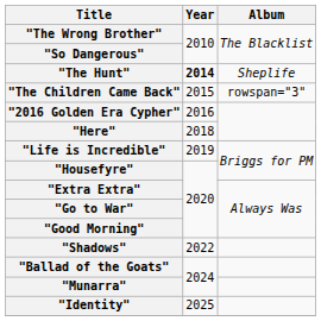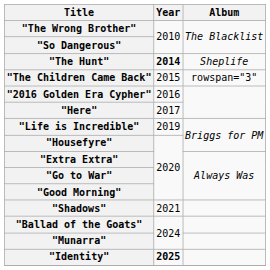 <table class="wikitable plainrowheaders" style="text-align:center">
 <tr>
 <th>Title</th>
 <th>Year</th>
 <th>Album</th>
 </tr>
 <tr>
 <th scope="row">"The Wrong Brother"</th>
 <td rowspan="2">2010</td>
 <td rowspan="2"><em>The Blacklist</em></td>
 </tr>
 <tr>
 <th scope="row">"So Dangerous"<br></th>
 </tr>
 <tr>
 <th scope="row">"The Hunt"<br></th>
 <td><strong>2014</strong></td>
 <td><em>Sheplife</em></td>
 </tr>
 <tr>
 <th scope="row">"The Children Came Back"<br></th>
 <td>2015</td>
 <td>rowspan="3" </td>
 </tr>
 <tr>
 <th scope="row">"2016 Golden Era Cypher"<br></th>
 <td>2016</td>
 </tr>
 <tr>
 <th scope="row">"Here"<br></th>
-<td>2018</td>
+<td>2017</td>
 </tr>
 <tr>
 <th scope="row">"Life is Incredible"<br></th>
 <td>2019</td>
 <td rowspan="2"><em>Briggs for PM</em></td>
 </tr>
 <tr>
 <th scope="row">"Housefyre"<br></th>
 <td rowspan="4">2020</td>
 </tr>
 <tr>
 <th scope="row">"Extra Extra"</th>
 <td rowspan="3"><em>Always Was</em></td>
 </tr>
 <tr>
 <th scope="row">"Go to War"<br></th>
 </tr>
 <tr>
 <th scope="row">"Good Morning"<br></th>
 </tr>
 <tr>
 <th scope="row">"Shadows"<br></th>
-<td>2022</td>
+<td>2021</td>
 <td></td>
 </tr>
 <tr>
 <th scope="row">"Ballad of the Goats"<br></th>
 <td rowspan="2">2024</td>
 <td></td>
 </tr>
 <tr>
 <th scope="row">"Munarra"<br></th>
 <td></td>
 </tr>
 <tr>
 <th scope="row">"Identity"<br></th>
-<td rowspan="1">2025</td>
+<td rowspan="1"><strong>2025</strong></td>
 <td></td>
 </tr>
 <tr>
 </tr>
 </table>
